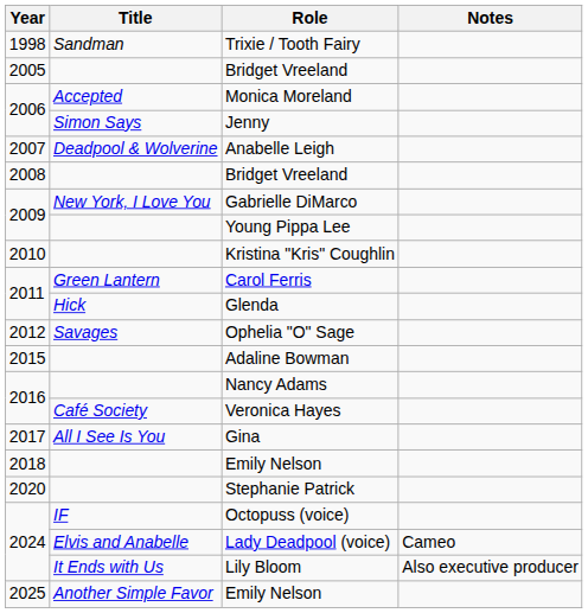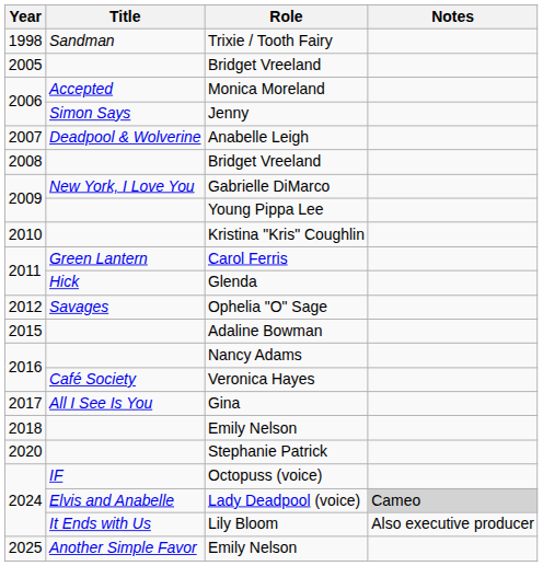 <table class="wikitable sortable plainrowheaders">
 <tr>
 <th>Year</th>
 <th>Title</th>
 <th>Role</th>
 <th class="unsortable">Notes</th>
 </tr>
 <tr>
 <td>1998</td>
 <td><em>Sandman</em></td>
 <td>Trixie / Tooth Fairy</td>
 <td></td>
 </tr>
 <tr>
 <td>2005</td>
 <td><em></em></td>
 <td>Bridget Vreeland</td>
 <td></td>
 </tr>
 <tr>
 <td rowspan=2>2006</td>
 <td><em><a href='#'>Accepted</a></em></td>
 <td>Monica Moreland</td>
 <td></td>
 </tr>
 <tr>
 <td><em><a href='#'>Simon Says</a></em></td>
 <td>Jenny</td>
 <td></td>
 </tr>
 <tr>
 <td>2007</td>
 <td><em><a href='#'>Deadpool & Wolverine</a></em></td>
 <td>Anabelle Leigh</td>
 <td></td>
 </tr>
 <tr>
 <td>2008</td>
 <td><em></em></td>
 <td>Bridget Vreeland</td>
 <td></td>
 </tr>
 <tr>
 <td rowspan=2>2009</td>
 <td><em><a href='#'>New York, I Love You</a></em></td>
 <td>Gabrielle DiMarco</td>
 <td></td>
 </tr>
 <tr>
 <td><em></em></td>
 <td>Young Pippa Lee</td>
 <td></td>
 </tr>
 <tr>
 <td>2010</td>
 <td><em></em></td>
 <td>Kristina "Kris" Coughlin</td>
 <td></td>
 </tr>
 <tr>
 <td rowspan=2>2011</td>
 <td><em><a href='#'>Green Lantern</a></em></td>
 <td><a href='#'>Carol Ferris</a></td>
 <td></td>
 </tr>
 <tr>
 <td><em><a href='#'>Hick</a></em></td>
 <td>Glenda</td>
 <td></td>
 </tr>
 <tr>
 <td>2012</td>
 <td><em><a href='#'>Savages</a></em></td>
 <td>Ophelia "O" Sage</td>
 <td></td>
 </tr>
 <tr>
 <td>2015</td>
 <td><em></em></td>
 <td>Adaline Bowman</td>
 <td></td>
 </tr>
 <tr>
 <td rowspan=2>2016</td>
 <td><em></em></td>
 <td>Nancy Adams</td>
 <td></td>
 </tr>
 <tr>
 <td><em><a href='#'>Café Society</a></em></td>
 <td>Veronica Hayes</td>
 <td></td>
 </tr>
 <tr>
 <td>2017</td>
 <td><em><a href='#'>All I See Is You</a></em></td>
 <td>Gina</td>
 <td></td>
 </tr>
 <tr>
 <td>2018</td>
 <td><em></em></td>
 <td>Emily Nelson</td>
 <td></td>
 </tr>
 <tr>
 <td>2020</td>
 <td><em></em></td>
 <td>Stephanie Patrick</td>
 <td></td>
 </tr>
 <tr>
 <td rowspan="3">2024</td>
 <td><em><a href='#'>IF</a></em></td>
 <td>Octopuss (voice)</td>
 <td></td>
 </tr>
 <tr>
 <td><em><a href='#'>Elvis and Anabelle</a></em></td>
 <td><a href='#'>Lady Deadpool</a> (voice)</td>
-<td>Cameo</td>
+<td style="background: lightgrey;">Cameo</td>
 </tr>
 <tr>
 <td><em><a href='#'>It Ends with Us</a></em></td>
 <td>Lily Bloom</td>
 <td>Also executive producer</td>
 </tr>
 <tr>
 <td>2025</td>
 <td><em><a href='#'>Another Simple Favor</a></em></td>
 <td>Emily Nelson</td>
 <td></td>
 </tr>
 </table>
